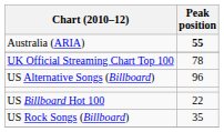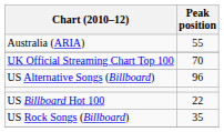 <table class="wikitable sortable">
 <tr>
 <th align="left">Chart (2010–12)</th>
 <th align="left">Peak<br>position</th>
 </tr>
 <tr>
 <td>Australia (<a href='#'>ARIA</a>)</td>
-<td style="text-align:center;"><strong>55</strong></td>
+<td style="text-align:center;">55</td>
 </tr>
 <tr>
 </tr>
 <tr>
 <td><a href='#'>UK Official Streaming Chart Top 100</a></td>
-<td style="text-align:center;">78</td>
+<td style="text-align:center;">70</td>
 </tr>
 <tr>
 <td>US <a href='#'>Alternative Songs</a> (<em><a href='#'>Billboard</a></em>)</td>
 <td style="text-align:center;">96</td>
 </tr>
 <tr>
 <td></td>
 </tr>
 <tr>
 <td>US <a href='#'><em>Billboard</em> Hot 100</a></td>
 <td style="text-align:center;">22</td>
 </tr>
 <tr>
 <td>US <a href='#'>Rock Songs</a> (<em><a href='#'>Billboard</a></em>)</td>
 <td style="text-align:center;">35</td>
 </tr>
 <tr>
 </tr>
 </table>
